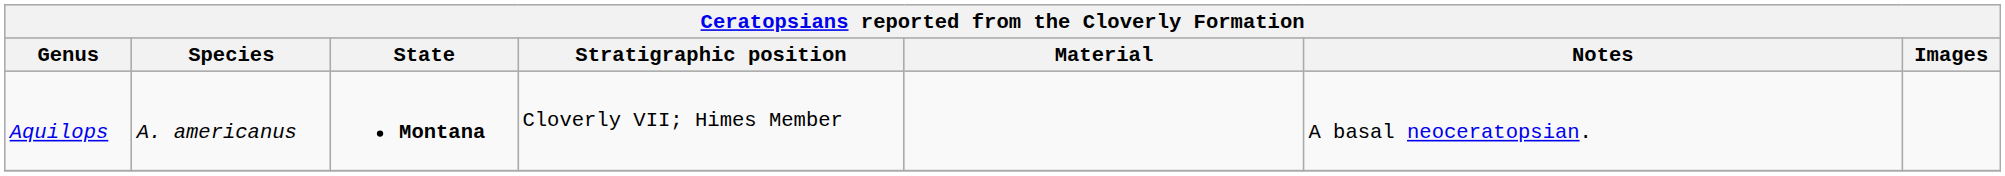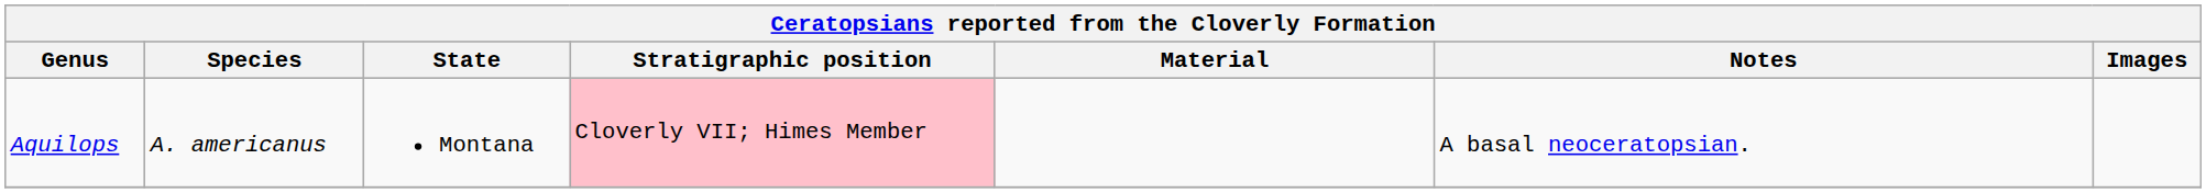 <table class="wikitable" align="center" width="100%">
 <tr>
 <th colspan="7" align="center"><strong><a href='#'>Ceratopsians</a> reported from the Cloverly Formation</strong></th>
 </tr>
 <tr>
 <th>Genus</th>
 <th>Species</th>
 <th>State</th>
 <th>Stratigraphic position</th>
 <th width="20%">Material</th>
 <th width="30%">Notes</th>
 <th>Images</th>
 </tr>
 <tr>
 <td><br><em><a href='#'>Aquilops</a></em></td>
 <td><br><em>A. americanus</em></td>
-<td><strong><br><ul><li>Montana</li></ul></strong></td>
-<td>Cloverly VII; Himes Member</td>
+<td><br><ul><li>Montana</li></ul></td>
+<td style="background: pink;">Cloverly VII; Himes Member</td>
 <td></td>
 <td><br>A basal <a href='#'>neoceratopsian</a>.</td>
 <td><br></td>
 </tr>
 <tr>
 </tr>
 </table>
